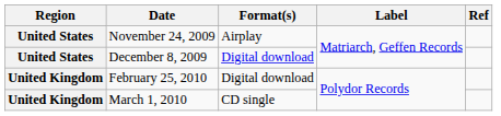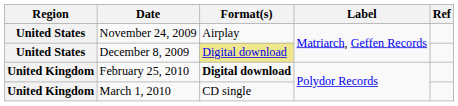 <table class="wikitable plainrowheaders">
 <tr>
 <th scope="col">Region</th>
 <th scope="col">Date</th>
 <th scope="col">Format(s)</th>
 <th scope="col">Label</th>
 <th scope="col">Ref</th>
 </tr>
 <tr>
 <th scope="row">United States</th>
 <td>November 24, 2009</td>
 <td>Airplay</td>
 <td rowspan="2"><a href='#'>Matriarch</a>, <a href='#'>Geffen Records</a></td>
 <td></td>
 </tr>
 <tr>
 <th scope="row">United States</th>
 <td>December 8, 2009</td>
-<td><a href='#'>Digital download</a></td>
+<td style="background: khaki;"><a href='#'>Digital download</a></td>
 <td></td>
 </tr>
 <tr>
 <th scope="row">United Kingdom</th>
 <td>February 25, 2010</td>
-<td>Digital download</td>
+<td><strong>Digital download</strong></td>
 <td rowspan="2"><a href='#'>Polydor Records</a></td>
 <td></td>
 </tr>
 <tr>
 <th scope="row">United Kingdom</th>
 <td>March 1, 2010</td>
 <td>CD single</td>
 <td></td>
 </tr>
 </table>
